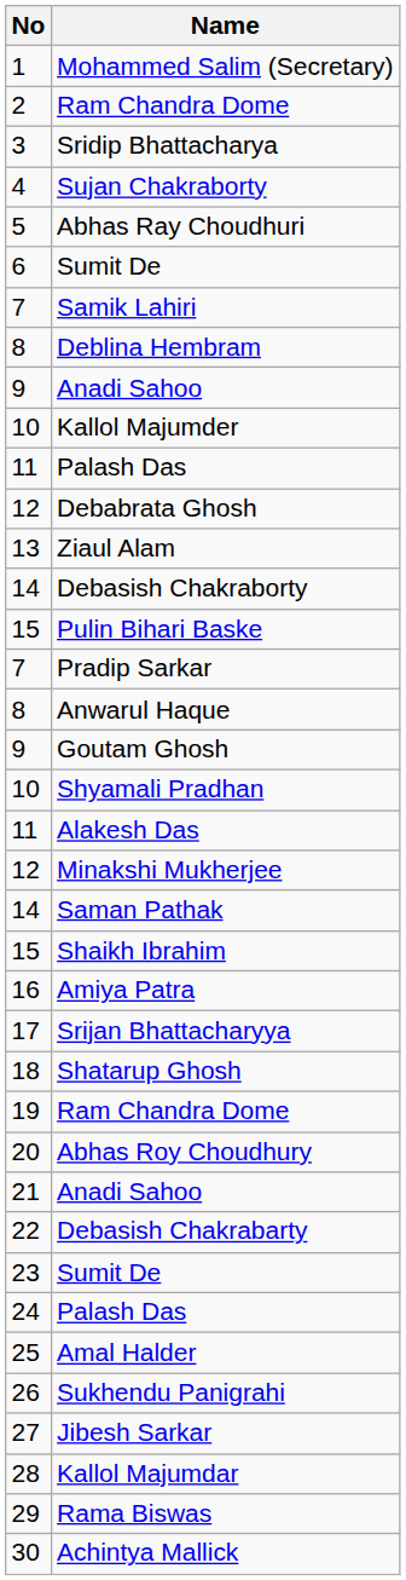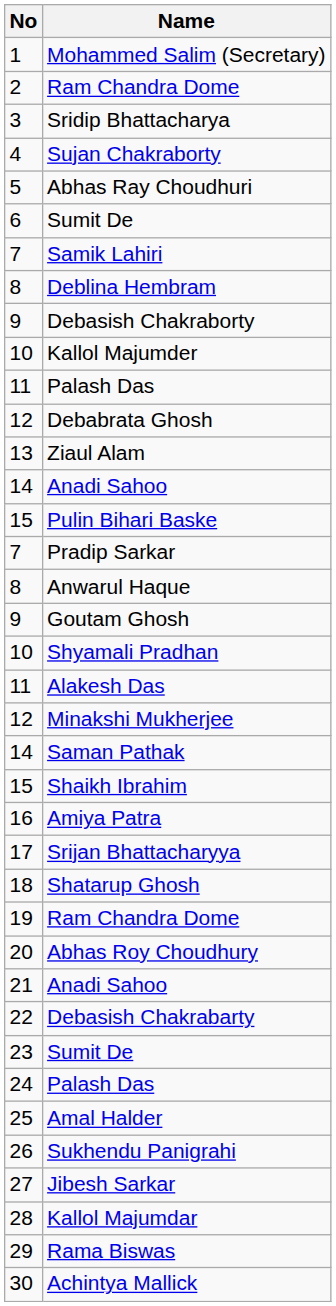 <table class ="wikitable">
 <tr>
 <th Style="background-color:">No</th>
 <th Style="background-color:">Name</th>
 </tr>
 <tr>
 <td>1</td>
 <td><a href='#'>Mohammed Salim</a> (Secretary)</td>
 </tr>
 <tr>
 <td>2</td>
 <td><a href='#'>Ram Chandra Dome</a></td>
 </tr>
 <tr>
 <td>3</td>
 <td>Sridip Bhattacharya</td>
 </tr>
 <tr>
 <td>4</td>
 <td><a href='#'>Sujan Chakraborty</a></td>
 </tr>
 <tr>
 <td>5</td>
 <td>Abhas Ray Choudhuri</td>
 </tr>
 <tr>
 <td>6</td>
 <td>Sumit De</td>
 </tr>
 <tr>
 <td>7</td>
 <td><a href='#'>Samik Lahiri</a></td>
 </tr>
 <tr>
 <td>8</td>
 <td><a href='#'>Deblina Hembram</a></td>
 </tr>
 <tr>
 <td>9</td>
-<td><a href='#'>Anadi Sahoo</a></td>
+<td>Debasish Chakraborty</td>
 </tr>
 <tr>
 <td>10</td>
 <td>Kallol Majumder</td>
 </tr>
 <tr>
 <td>11</td>
 <td>Palash Das</td>
 </tr>
 <tr>
 <td>12</td>
 <td>Debabrata Ghosh</td>
 </tr>
 <tr>
 <td>13</td>
 <td>Ziaul Alam</td>
 </tr>
 <tr>
 <td>14</td>
-<td>Debasish Chakraborty</td>
+<td><a href='#'>Anadi Sahoo</a></td>
 </tr>
 <tr>
 <td>15</td>
 <td><a href='#'>Pulin Bihari Baske</a></td>
 </tr>
 <tr>
 <td>7</td>
 <td>Pradip Sarkar</td>
 </tr>
 <tr>
 <td>8</td>
 <td>Anwarul Haque</td>
 </tr>
 <tr>
 <td>9</td>
 <td>Goutam Ghosh</td>
 </tr>
 <tr>
 <td>10</td>
 <td><a href='#'>Shyamali Pradhan</a></td>
 </tr>
 <tr>
 <td>11</td>
 <td><a href='#'>Alakesh Das</a></td>
 </tr>
 <tr>
 <td>12</td>
 <td><a href='#'>Minakshi Mukherjee</a></td>
 </tr>
 <tr>
 <td>14</td>
 <td><a href='#'>Saman Pathak</a></td>
 </tr>
 <tr>
 <td>15</td>
 <td><a href='#'>Shaikh Ibrahim</a></td>
 </tr>
 <tr>
 <td>16</td>
 <td><a href='#'>Amiya Patra</a></td>
 </tr>
 <tr>
 <td>17</td>
 <td><a href='#'>Srijan Bhattacharyya</a></td>
 </tr>
 <tr>
 <td>18</td>
 <td><a href='#'>Shatarup Ghosh</a></td>
 </tr>
 <tr>
 <td>19</td>
 <td><a href='#'>Ram Chandra Dome</a></td>
 </tr>
 <tr>
 <td>20</td>
 <td><a href='#'>Abhas Roy Choudhury</a></td>
 </tr>
 <tr>
 <td>21</td>
 <td><a href='#'>Anadi Sahoo</a></td>
 </tr>
 <tr>
 <td>22</td>
 <td><a href='#'>Debasish Chakrabarty</a></td>
 </tr>
 <tr>
 <td>23</td>
 <td><a href='#'>Sumit De</a></td>
 </tr>
 <tr>
 <td>24</td>
 <td><a href='#'>Palash Das</a></td>
 </tr>
 <tr>
 <td>25</td>
 <td><a href='#'>Amal Halder</a></td>
 </tr>
 <tr>
 <td>26</td>
 <td><a href='#'>Sukhendu Panigrahi</a></td>
 </tr>
 <tr>
 <td>27</td>
 <td><a href='#'>Jibesh Sarkar</a></td>
 </tr>
 <tr>
 <td>28</td>
 <td><a href='#'>Kallol Majumdar</a></td>
 </tr>
 <tr>
 <td>29</td>
 <td><a href='#'>Rama Biswas</a></td>
 </tr>
 <tr>
 <td>30</td>
 <td><a href='#'>Achintya Mallick</a></td>
 </tr>
 </table>
